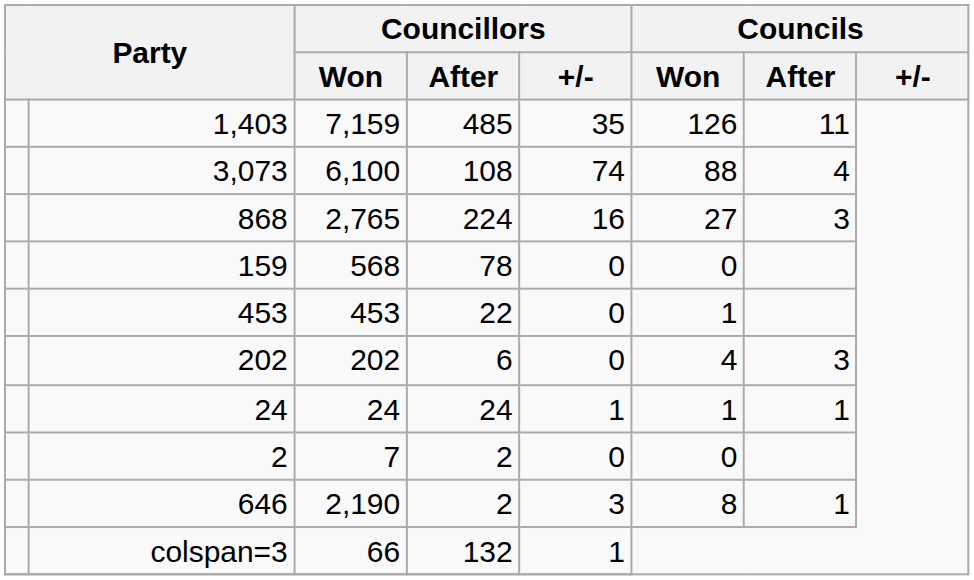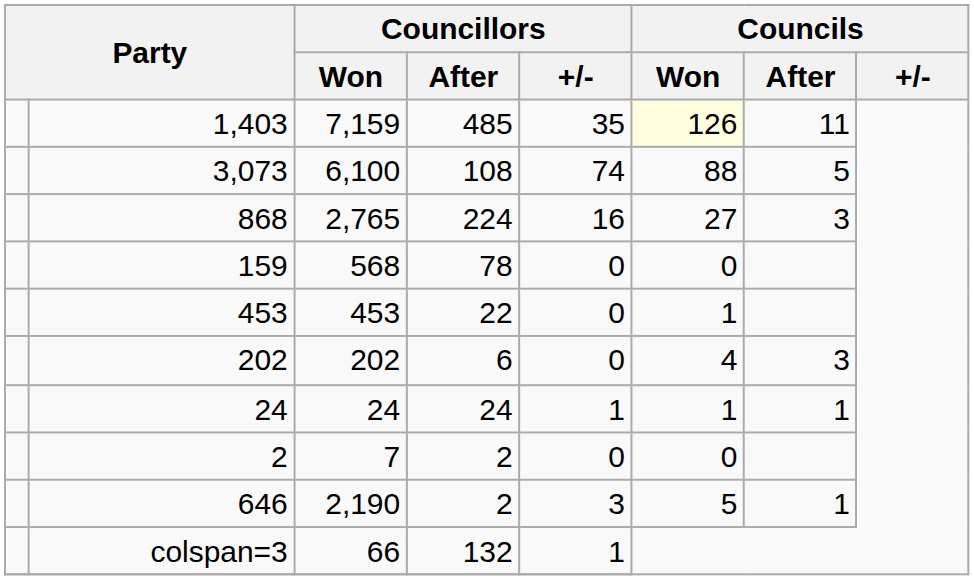 <table id="results" class="wikitable" style="text-align:right; font-size:95%;">
 <tr>
 <th colspan="2" rowspan="2" style="width:140px;">Party</th>
 <th colspan="3">Councillors</th>
 <th colspan="3">Councils</th>
 </tr>
 <tr>
 <th style="width:50px;">Won</th>
 <th style="width:50px;">After</th>
 <th style="width:50px;">+/-</th>
 <th style="width:50px;">Won</th>
 <th style="width:50px;">After</th>
 <th style="width:50px;">+/-</th>
 </tr>
 <tr>
 <td></td>
 <td>1,403</td>
 <td>7,159</td>
 <td>485</td>
 <td>35</td>
-<td>126</td>
+<td style="background: lightyellow;">126</td>
 <td>11</td>
 </tr>
 <tr>
 <td></td>
 <td>3,073</td>
 <td>6,100</td>
 <td>108</td>
 <td>74</td>
 <td>88</td>
-<td>4</td>
+<td>5</td>
 </tr>
 <tr>
 <td></td>
 <td>868</td>
 <td>2,765</td>
 <td>224</td>
 <td>16</td>
 <td>27</td>
 <td>3</td>
 </tr>
 <tr>
 <td></td>
 <td>159</td>
 <td>568</td>
 <td>78</td>
 <td>0</td>
 <td>0</td>
 <td></td>
 </tr>
 <tr>
 <td></td>
 <td>453</td>
 <td>453</td>
 <td>22</td>
 <td>0</td>
 <td>1</td>
 <td></td>
 </tr>
 <tr>
 <td></td>
 <td>202</td>
 <td>202</td>
 <td>6</td>
 <td>0</td>
 <td>4</td>
 <td>3</td>
 </tr>
 <tr>
 <td></td>
 <td>24</td>
 <td>24</td>
 <td>24</td>
 <td>1</td>
 <td>1</td>
 <td>1</td>
 </tr>
 <tr>
 <td></td>
 <td>2</td>
 <td>7</td>
 <td>2</td>
 <td>0</td>
 <td>0</td>
 <td></td>
 </tr>
 <tr>
 <td></td>
 <td>646</td>
 <td>2,190</td>
 <td>2</td>
 <td>3</td>
-<td>8</td>
+<td>5</td>
 <td>1</td>
 </tr>
 <tr>
 <td></td>
 <td>colspan=3 </td>
 <td>66</td>
 <td>132</td>
 <td>1</td>
 </tr>
 <tr>
 </tr>
 </table>
